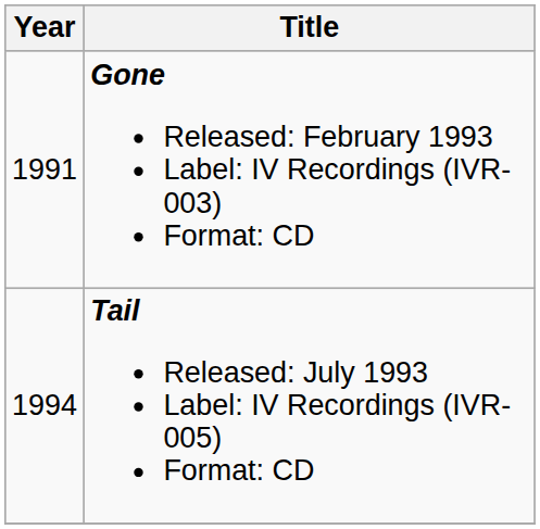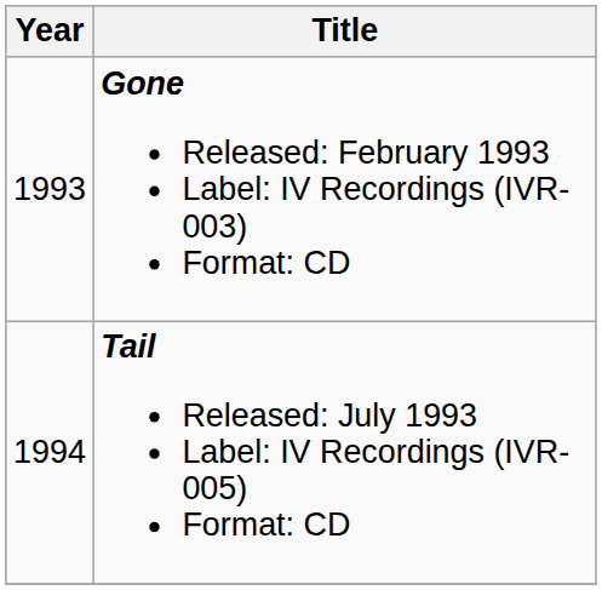 <table class="wikitable">
 <tr>
 <th rowspan="1" width="33">Year</th>
 <th rowspan="1" width="240">Title</th>
 </tr>
 <tr>
-<td align="center">1991</td>
+<td align="center">1993</td>
 <td><strong><em>Gone</em></strong><br><ul><li>Released: February 1993</li><li>Label: IV Recordings (IVR-003)</li><li>Format: CD</li></ul></td>
 </tr>
 <tr>
 <td align="center">1994</td>
 <td><strong><em>Tail</em></strong><br><ul><li>Released: July 1993</li><li>Label: IV Recordings (IVR-005)</li><li>Format: CD</li></ul></td>
 </tr>
 <tr>
 </tr>
 </table>
